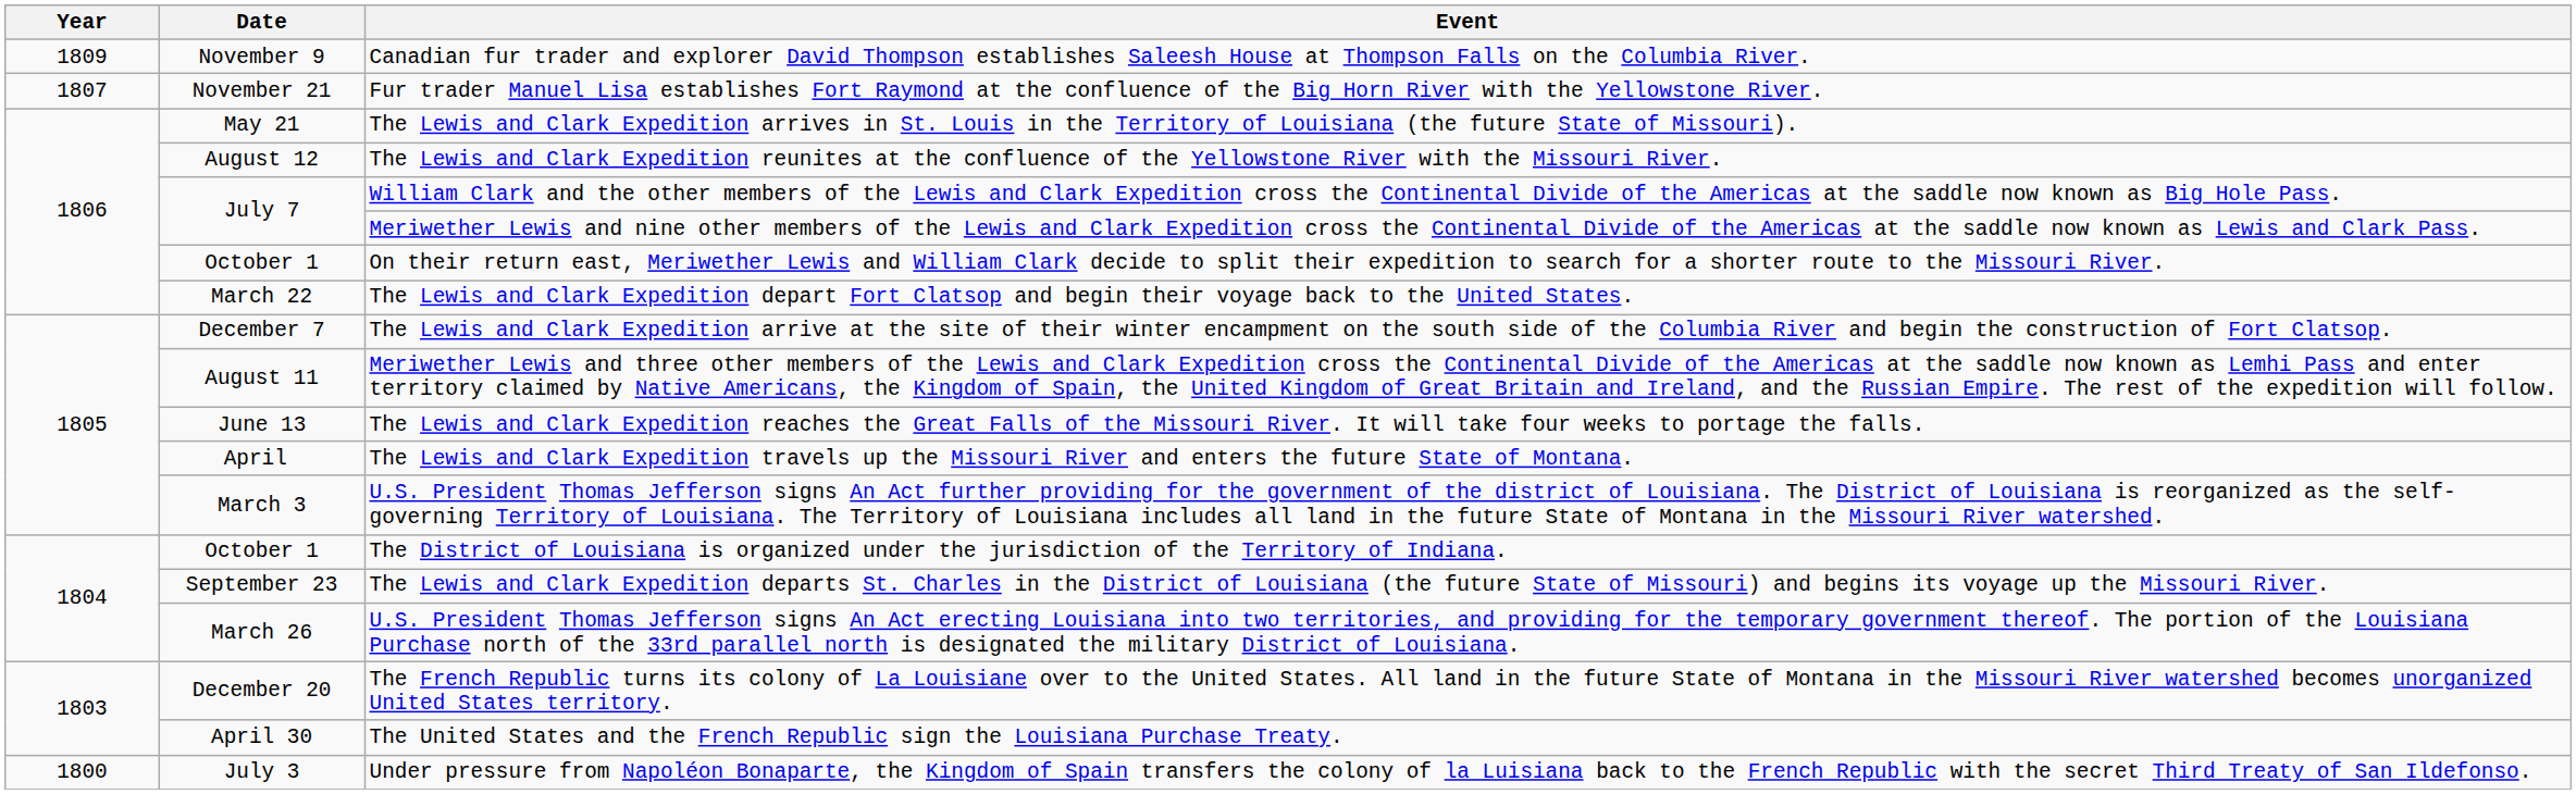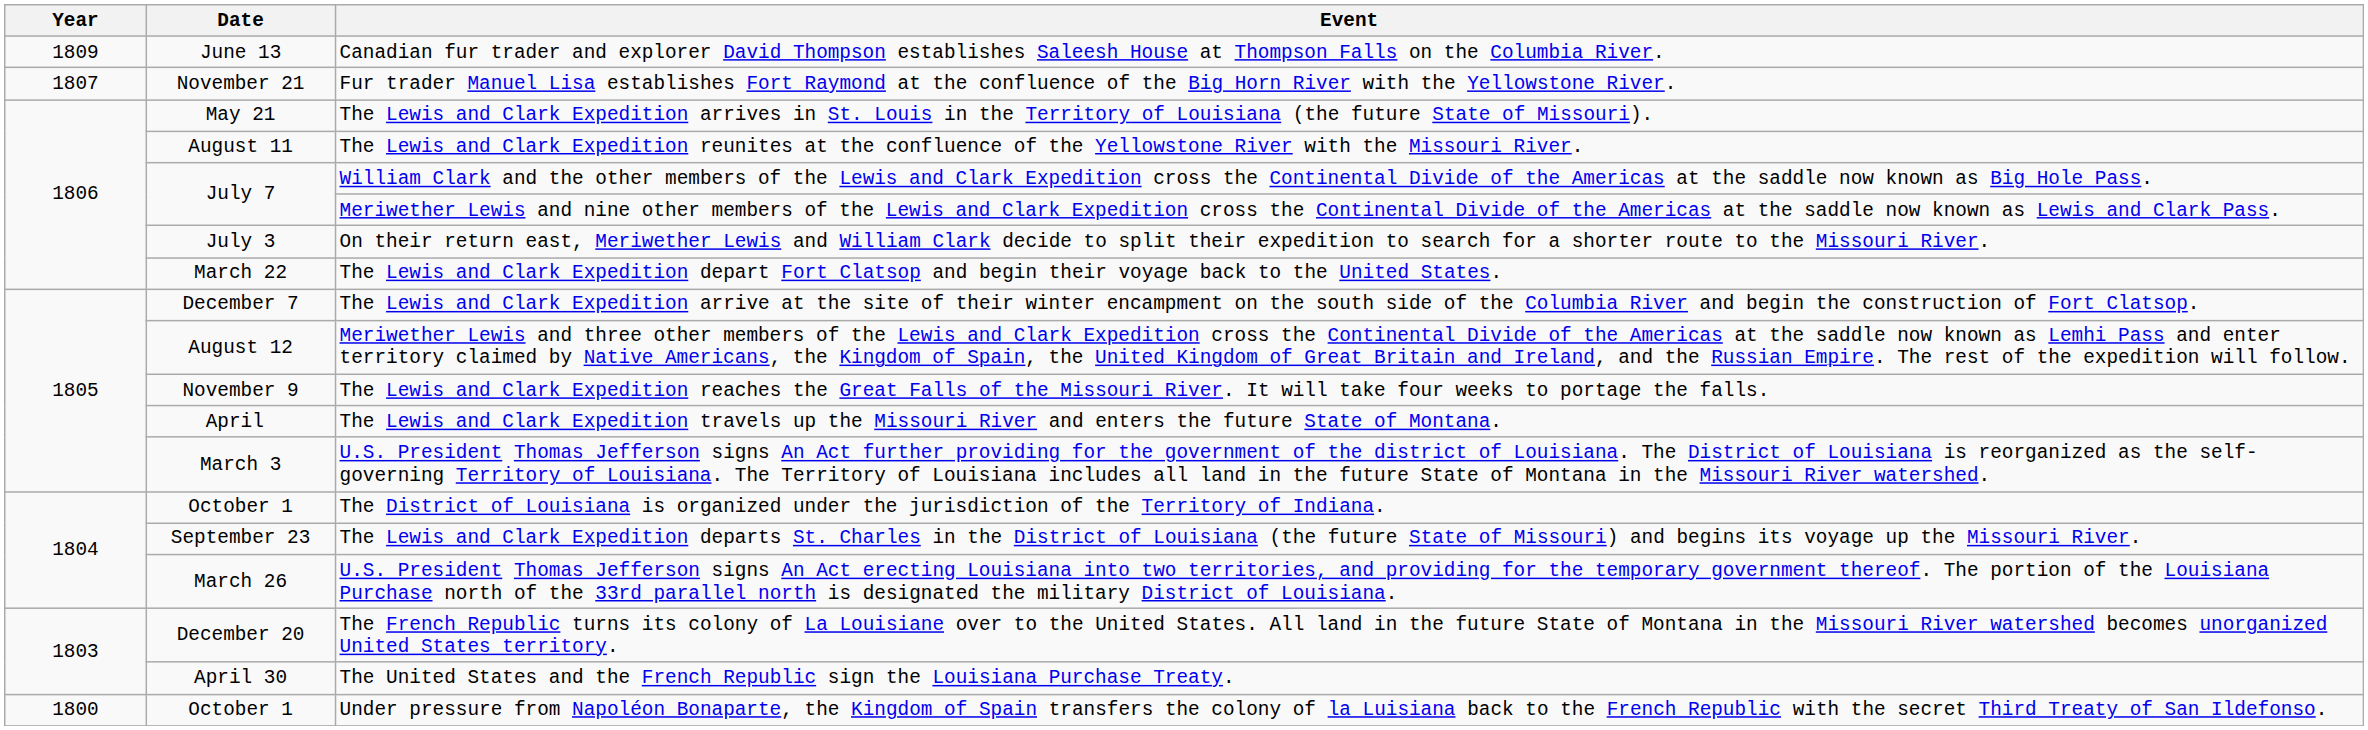 <table class="wikitable" style="width:100%;">
 <tr>
 <th style="width:6%">Year</th>
 <th style="width:8%">Date</th>
 <th style="width:86%">Event</th>
 </tr>
 <tr>
 <td align=center rowspan=1>1809</td>
-<td align=center>November 9</td>
+<td align=center>June 13</td>
 <td>Canadian fur trader and explorer <a href='#'>David Thompson</a> establishes <a href='#'>Saleesh House</a> at <a href='#'>Thompson Falls</a> on the <a href='#'>Columbia River</a>.</td>
 </tr>
 <tr>
 <td align=center rowspan=1>1807</td>
 <td align=center>November 21</td>
 <td>Fur trader <a href='#'>Manuel Lisa</a> establishes <a href='#'>Fort Raymond</a> at the confluence of the <a href='#'>Big Horn River</a> with the <a href='#'>Yellowstone River</a>.</td>
 </tr>
 <tr>
 <td align=center rowspan=6>1806</td>
 <td align=center>May 21</td>
 <td>The <a href='#'>Lewis and Clark Expedition</a> arrives in <a href='#'>St. Louis</a> in the <a href='#'>Territory of Louisiana</a> (the future <a href='#'>State of Missouri</a>).</td>
 </tr>
 <tr>
-<td align=center>August 12</td>
+<td align=center>August 11</td>
 <td>The <a href='#'>Lewis and Clark Expedition</a> reunites at the confluence of the <a href='#'>Yellowstone River</a> with the <a href='#'>Missouri River</a>.</td>
 </tr>
 <tr>
 <td align=center rowspan=2>July 7</td>
 <td><a href='#'>William Clark</a> and the other members of the <a href='#'>Lewis and Clark Expedition</a> cross the <a href='#'>Continental Divide of the Americas</a> at the saddle now known as <a href='#'>Big Hole Pass</a>.</td>
 </tr>
 <tr>
 <td><a href='#'>Meriwether Lewis</a> and nine other members of the <a href='#'>Lewis and Clark Expedition</a> cross the <a href='#'>Continental Divide of the Americas</a> at the saddle now known as <a href='#'>Lewis and Clark Pass</a>.</td>
 </tr>
 <tr>
-<td align=center>October 1</td>
+<td align=center>July 3</td>
 <td>On their return east, <a href='#'>Meriwether Lewis</a> and <a href='#'>William Clark</a> decide to split their expedition to search for a shorter route to the <a href='#'>Missouri River</a>.</td>
 </tr>
 <tr>
 <td align=center>March 22</td>
 <td>The <a href='#'>Lewis and Clark Expedition</a> depart <a href='#'>Fort Clatsop</a> and begin their voyage back to the <a href='#'>United States</a>.</td>
 </tr>
 <tr>
 <td align=center rowspan=5>1805</td>
 <td align=center>December 7</td>
 <td>The <a href='#'>Lewis and Clark Expedition</a> arrive at the site of their winter encampment on the south side of the <a href='#'>Columbia River</a> and begin the construction of <a href='#'>Fort Clatsop</a>.</td>
 </tr>
 <tr>
-<td align=center>August 11</td>
+<td align=center>August 12</td>
 <td><a href='#'>Meriwether Lewis</a> and three other members of the <a href='#'>Lewis and Clark Expedition</a> cross the <a href='#'>Continental Divide of the Americas</a> at the saddle now known as <a href='#'>Lemhi Pass</a> and enter territory claimed by <a href='#'>Native Americans</a>, the <a href='#'>Kingdom of Spain</a>, the <a href='#'>United Kingdom of Great Britain and Ireland</a>, and the <a href='#'>Russian Empire</a>. The rest of the expedition will follow.</td>
 </tr>
 <tr>
-<td align=center>June 13</td>
+<td align=center>November 9</td>
 <td>The <a href='#'>Lewis and Clark Expedition</a> reaches the <a href='#'>Great Falls of the Missouri River</a>.  It will take four weeks to portage the falls.</td>
 </tr>
 <tr>
 <td align=center>April </td>
 <td>The <a href='#'>Lewis and Clark Expedition</a> travels up the <a href='#'>Missouri River</a> and enters the future <a href='#'>State of Montana</a>.</td>
 </tr>
 <tr>
 <td align=center>March 3</td>
 <td><a href='#'>U.S. President</a> <a href='#'>Thomas Jefferson</a> signs <a href='#'>An Act further providing for the government of the district of Louisiana</a>.  The <a href='#'>District of Louisiana</a> is reorganized as the self-governing <a href='#'>Territory of Louisiana</a>. The Territory of Louisiana includes all land in the future State of Montana in the <a href='#'>Missouri River watershed</a>.</td>
 </tr>
 <tr>
 <td align=center rowspan=3>1804</td>
 <td align=center>October 1</td>
 <td>The <a href='#'>District of Louisiana</a> is organized under the jurisdiction of the <a href='#'>Territory of Indiana</a>.</td>
 </tr>
 <tr>
 <td align=center>September 23</td>
 <td>The <a href='#'>Lewis and Clark Expedition</a> departs <a href='#'>St. Charles</a> in the <a href='#'>District of Louisiana</a> (the future <a href='#'>State of Missouri</a>) and begins its voyage up the <a href='#'>Missouri River</a>.</td>
 </tr>
 <tr>
 <td align=center>March 26</td>
 <td><a href='#'>U.S. President</a> <a href='#'>Thomas Jefferson</a> signs <a href='#'>An Act erecting Louisiana into two territories, and providing for the temporary government thereof</a>.  The portion of the <a href='#'>Louisiana Purchase</a> north of the <a href='#'>33rd parallel north</a> is designated the military <a href='#'>District of Louisiana</a>.</td>
 </tr>
 <tr>
 <td align=center rowspan=2>1803</td>
 <td align=center>December 20</td>
 <td>The <a href='#'>French Republic</a> turns its colony of <a href='#'>La Louisiane</a> over to the United States.  All land in the future State of Montana in the <a href='#'>Missouri River watershed</a> becomes <a href='#'>unorganized United States territory</a>.</td>
 </tr>
 <tr>
 <td align=center>April 30</td>
 <td>The United States and the <a href='#'>French Republic</a> sign the <a href='#'>Louisiana Purchase Treaty</a>.</td>
 </tr>
 <tr>
 <td align=center rowspan=1>1800</td>
-<td align=center>July 3</td>
+<td align=center>October 1</td>
 <td>Under pressure from <a href='#'>Napoléon Bonaparte</a>, the <a href='#'>Kingdom of Spain</a> transfers the colony of <a href='#'>la Luisiana</a> back to the <a href='#'>French Republic</a> with the secret <a href='#'>Third Treaty of San Ildefonso</a>.</td>
 </tr>
 </table>
